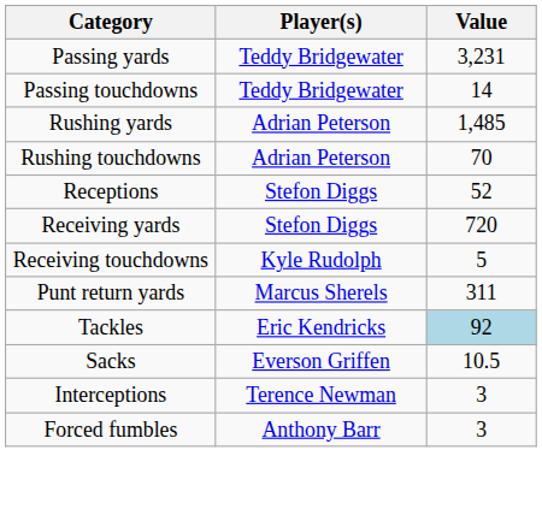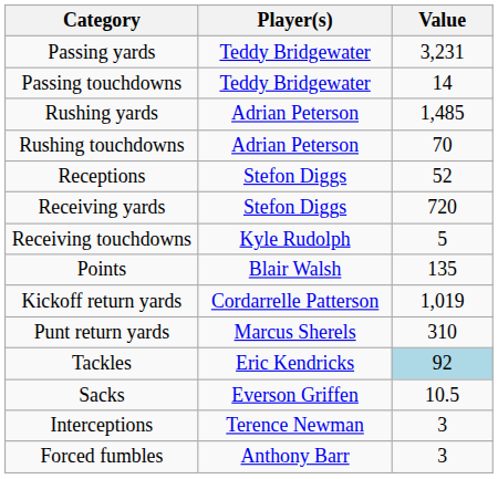 <table class="wikitable" style="text-align:center">
 <tr>
 <th width=150px>Category</th>
 <th width=150px>Player(s)</th>
 <th width=75px>Value</th>
 </tr>
 <tr>
 <td>Passing yards</td>
 <td><a href='#'>Teddy Bridgewater</a></td>
 <td>3,231</td>
 </tr>
 <tr>
 <td>Passing touchdowns</td>
 <td><a href='#'>Teddy Bridgewater</a></td>
 <td>14</td>
 </tr>
 <tr>
 <td>Rushing yards</td>
 <td><a href='#'>Adrian Peterson</a></td>
 <td>1,485</td>
 </tr>
 <tr>
 <td>Rushing touchdowns</td>
 <td><a href='#'>Adrian Peterson</a></td>
 <td>70</td>
 </tr>
 <tr>
 <td>Receptions</td>
 <td><a href='#'>Stefon Diggs</a></td>
 <td>52</td>
 </tr>
 <tr>
 <td>Receiving yards</td>
 <td><a href='#'>Stefon Diggs</a></td>
 <td>720</td>
 </tr>
 <tr>
 <td>Receiving touchdowns</td>
 <td><a href='#'>Kyle Rudolph</a></td>
 <td>5</td>
 </tr>
 <tr>
+<td>Points</td>
+<td><a href='#'>Blair Walsh</a></td>
+<td>135</td>
+</tr>
+<tr>
+<td>Kickoff return yards</td>
+<td><a href='#'>Cordarrelle Patterson</a></td>
+<td>1,019</td>
+</tr>
+<tr>
 <td>Punt return yards</td>
 <td><a href='#'>Marcus Sherels</a></td>
-<td>311</td>
+<td>310</td>
 </tr>
 <tr>
 <td>Tackles</td>
 <td><a href='#'>Eric Kendricks</a></td>
 <td style="background: lightblue;">92</td>
 </tr>
 <tr>
 <td>Sacks</td>
 <td><a href='#'>Everson Griffen</a></td>
 <td>10.5</td>
 </tr>
 <tr>
 <td>Interceptions</td>
 <td><a href='#'>Terence Newman</a></td>
 <td>3</td>
 </tr>
 <tr>
 <td>Forced fumbles</td>
 <td><a href='#'>Anthony Barr</a></td>
 <td>3</td>
 </tr>
 </table>
